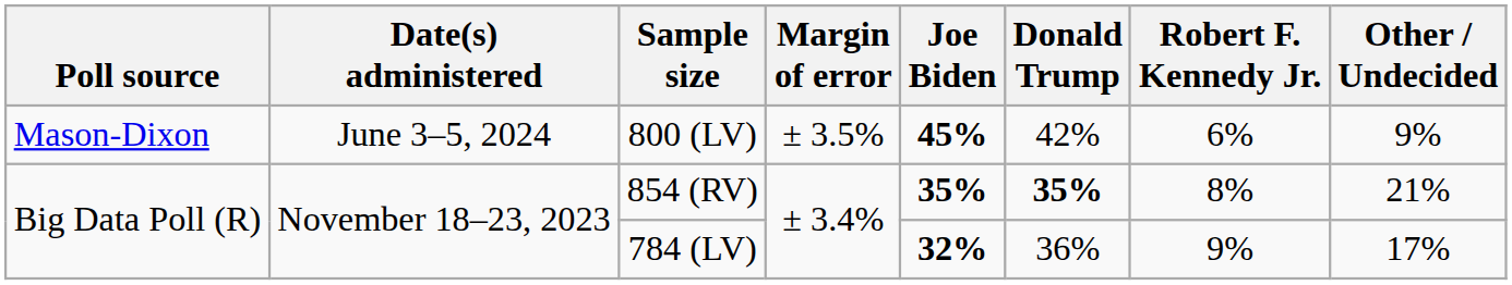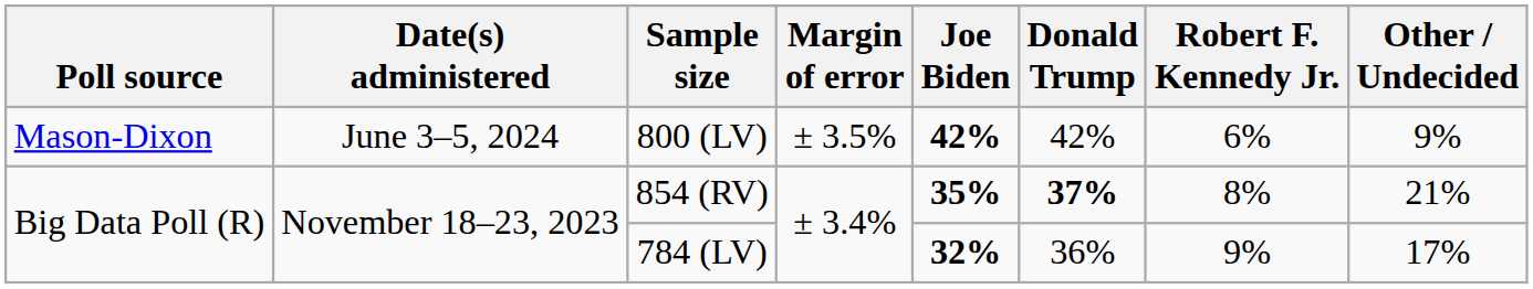 <table class="wikitable sortable mw-datatable" style="font-size:90%;text-align:center;line-height:17px">
 <tr valign=bottom>
 <th>Poll source</th>
 <th>Date(s)<br>administered</th>
 <th>Sample<br>size</th>
 <th>Margin<br>of error</th>
 <th class="unsortable">Joe<br>Biden<br></th>
 <th class="unsortable">Donald<br>Trump<br></th>
 <th class="unsortable">Robert F.<br>Kennedy Jr.<br></th>
 <th class="unsortable">Other /<br>Undecided</th>
 </tr>
 <tr>
 <td style="text-align:left;"><a href='#'>Mason-Dixon</a></td>
 <td data-sort-value="2024-06-10">June 3–5, 2024</td>
 <td>800 (LV)</td>
 <td>± 3.5%</td>
-<td style="color:black;background-color:"><strong>45%</strong></td>
+<td style="color:black;background-color:"><strong>42%</strong></td>
 <td>42%</td>
 <td>6%</td>
 <td>9%</td>
 </tr>
 <tr>
 <td style="text-align:left;" rowspan="2">Big Data Poll (R)</td>
 <td rowspan="2">November 18–23, 2023</td>
 <td>854 (RV)</td>
 <td rowspan="2">± 3.4%</td>
 <td><strong>35%</strong></td>
-<td><strong>35%</strong></td>
+<td><strong>37%</strong></td>
 <td>8%</td>
 <td>21%</td>
 </tr>
 <tr>
 <td>784 (LV)</td>
 <td style="color:black;background-color:"><strong>32%</strong></td>
 <td>36%</td>
 <td>9%</td>
 <td>17%</td>
 </tr>
 </table>
